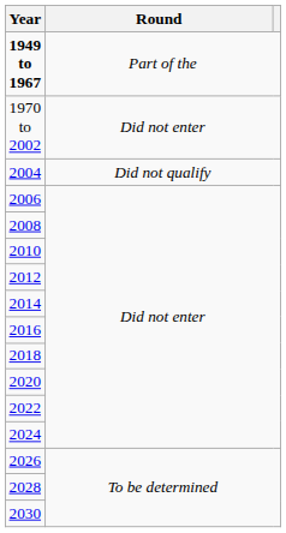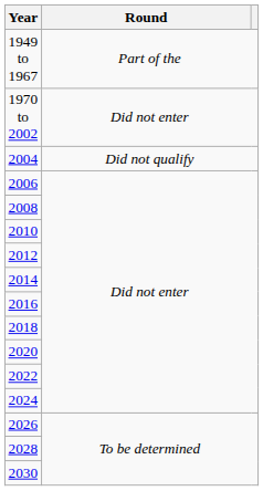 <table class="wikitable" style="text-align: center; font-size:90%">
 <tr>
 <th>Year</th>
 <th style="width:200px">Round</th>
 <th></th>
 </tr>
 <tr>
-<td><strong>1949<br>to<br>1967</strong></td>
+<td>1949<br>to<br>1967</td>
 <td colspan="2"><em>Part of the </em></td>
 </tr>
 <tr>
 <td>1970<br>to<br><a href='#'>2002</a></td>
 <td colspan="2"><em>Did not enter</em></td>
 </tr>
 <tr>
 <td><a href='#'>2004</a></td>
 <td colspan="2"><em>Did not qualify</em></td>
 </tr>
 <tr>
 <td><a href='#'>2006</a></td>
 <td colspan="2" rowspan="10"><em>Did not enter</em></td>
 </tr>
 <tr>
 <td><a href='#'>2008</a></td>
 </tr>
 <tr>
 <td><a href='#'>2010</a></td>
 </tr>
 <tr>
 <td><a href='#'>2012</a></td>
 </tr>
 <tr>
 <td><a href='#'>2014</a></td>
 </tr>
 <tr>
 <td><a href='#'>2016</a></td>
 </tr>
 <tr>
 <td><a href='#'>2018</a></td>
 </tr>
 <tr>
 <td><a href='#'>2020</a></td>
 </tr>
 <tr>
 <td><a href='#'>2022</a></td>
 </tr>
 <tr>
 <td><a href='#'>2024</a></td>
 </tr>
 <tr>
 <td><a href='#'>2026</a></td>
 <td colspan="2" rowspan="3"><em>To be determined</em></td>
 </tr>
 <tr>
 <td><a href='#'>2028</a></td>
 </tr>
 <tr>
 <td><a href='#'>2030</a></td>
 </tr>
 </table>
